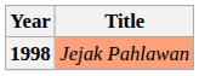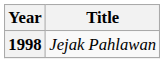 <table class="wikitable">
 <tr>
 <th>Year</th>
 <th>Title</th>
 </tr>
 <tr>
 <th>1998</th>
-<td style="background: lightsalmon;"><em>Jejak Pahlawan</em></td>
+<td><em>Jejak Pahlawan</em></td>
 </tr>
 <tr>
 </tr>
 </table>
